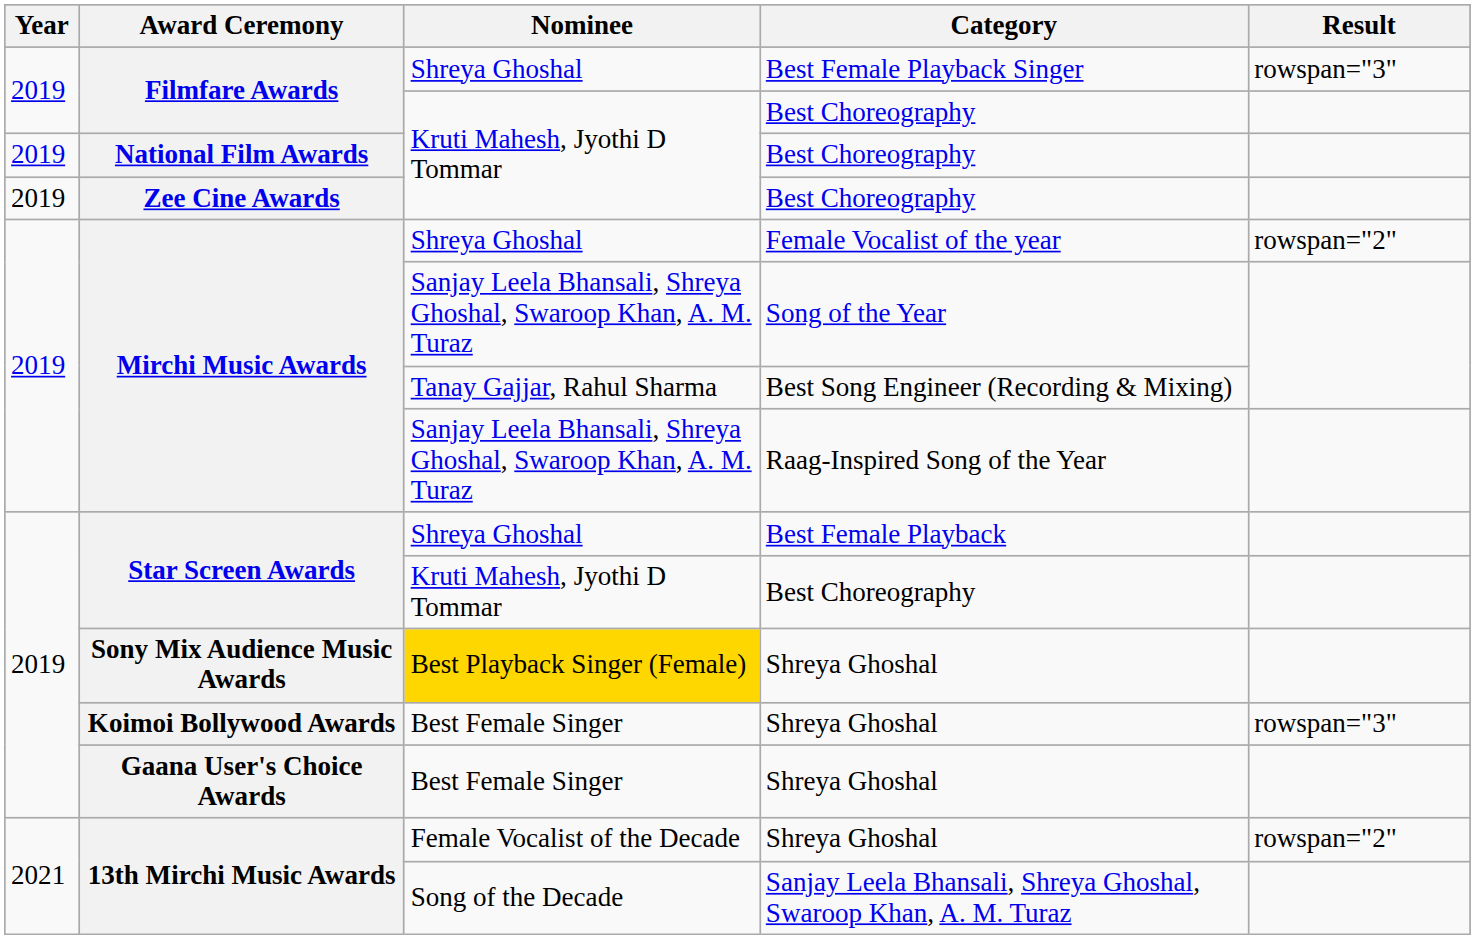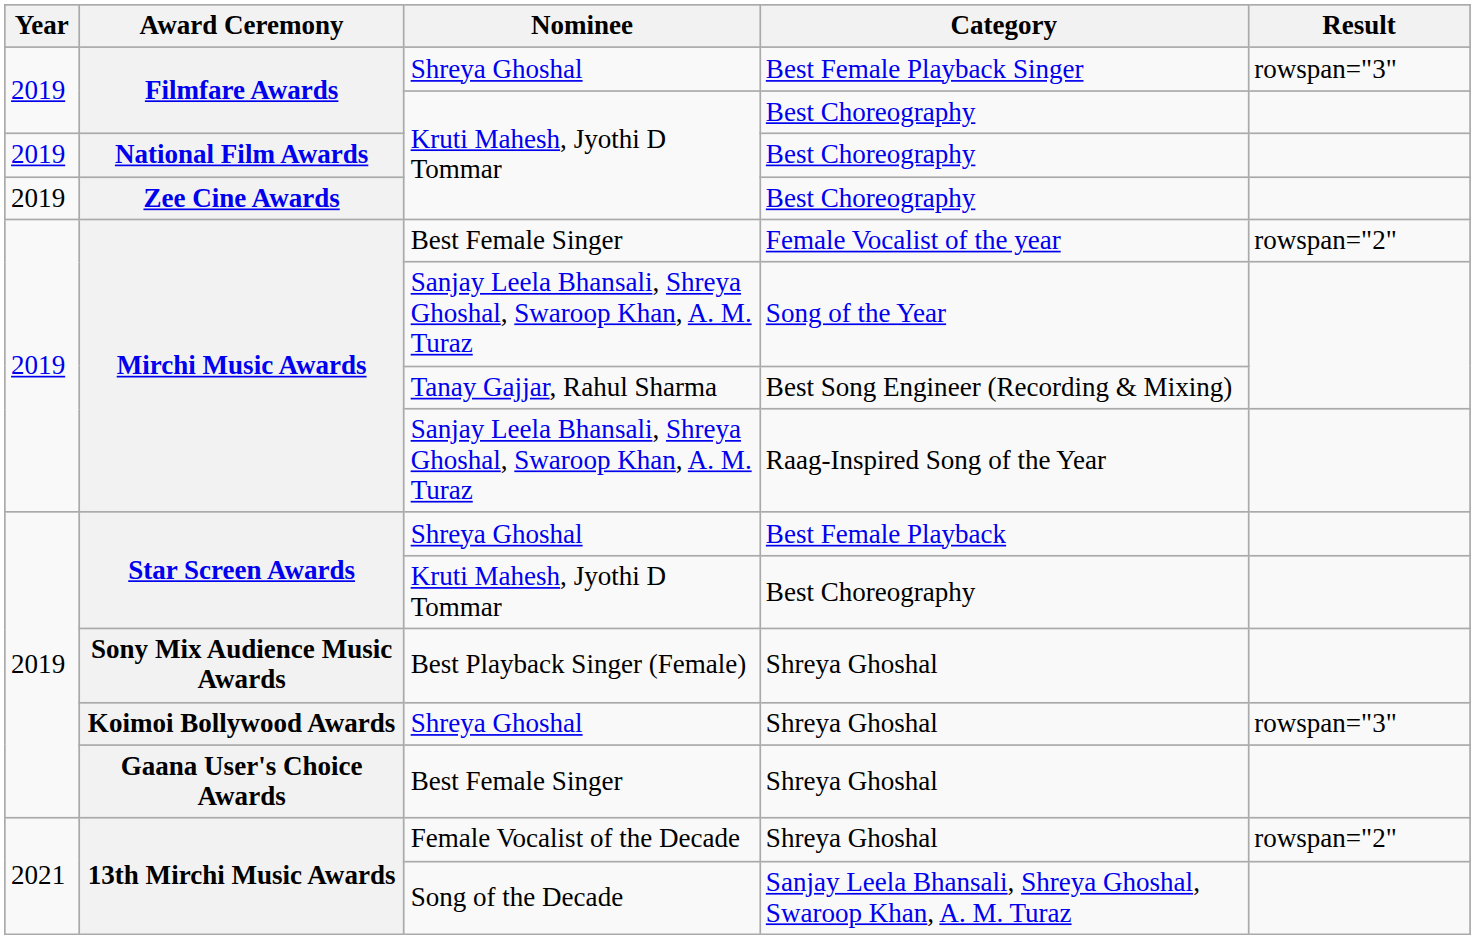 <table class="wikitable sortable plainrowheaders">
 <tr>
 <th width=5%>Year</th>
 <th width=22%>Award Ceremony</th>
 <th width=24%>Nominee</th>
 <th width=33%>Category</th>
 <th width=15%>Result</th>
 </tr>
 <tr>
 <td rowspan="2"><a href='#'>2019</a></td>
 <th scope="row" rowspan="2"><a href='#'>Filmfare Awards</a></th>
 <td><a href='#'>Shreya Ghoshal</a></td>
 <td><a href='#'>Best Female Playback Singer</a></td>
 <td>rowspan="3"  </td>
 </tr>
 <tr>
 <td rowspan="3"><a href='#'>Kruti Mahesh</a>, Jyothi D Tommar</td>
 <td><a href='#'>Best Choreography</a></td>
 </tr>
 <tr>
 <td><a href='#'>2019</a></td>
 <th><a href='#'>National Film Awards</a></th>
 <td><a href='#'>Best Choreography</a></td>
 <td></td>
 </tr>
 <tr>
 <td>2019</td>
 <th scope="row"><a href='#'>Zee Cine Awards</a></th>
 <td><a href='#'>Best Choreography</a></td>
 <td> </td>
 </tr>
 <tr>
 <td rowspan="4"><a href='#'>2019</a></td>
 <th scope="row" rowspan="4"><a href='#'>Mirchi Music Awards</a></th>
-<td><a href='#'>Shreya Ghoshal</a></td>
+<td>Best Female Singer</td>
 <td><a href='#'>Female Vocalist of the year</a></td>
 <td>rowspan="2" </td>
 </tr>
 <tr>
 <td><a href='#'>Sanjay Leela Bhansali</a>, <a href='#'>Shreya Ghoshal</a>, <a href='#'>Swaroop Khan</a>, <a href='#'>A. M. Turaz</a></td>
 <td><a href='#'>Song of the Year</a></td>
 </tr>
 <tr>
 <td><a href='#'>Tanay Gajjar</a>, Rahul Sharma</td>
 <td>Best Song Engineer (Recording & Mixing)</td>
 </tr>
 <tr>
 <td><a href='#'>Sanjay Leela Bhansali</a>, <a href='#'>Shreya Ghoshal</a>, <a href='#'>Swaroop Khan</a>, <a href='#'>A. M. Turaz</a></td>
 <td>Raag-Inspired Song of the Year</td>
 <td></td>
 </tr>
 <tr>
 <td rowspan="5">2019</td>
 <th rowspan="2" scope="row"><a href='#'>Star Screen Awards</a></th>
 <td><a href='#'>Shreya Ghoshal</a></td>
 <td><a href='#'>Best Female Playback</a></td>
 <td></td>
 </tr>
 <tr>
 <td><a href='#'>Kruti Mahesh</a>, Jyothi D Tommar</td>
 <td>Best Choreography</td>
 <td></td>
 </tr>
 <tr>
 <th>Sony Mix Audience Music Awards</th>
-<td style="background: gold;">Best Playback Singer (Female)</td>
+<td>Best Playback Singer (Female)</td>
 <td>Shreya Ghoshal</td>
 <td></td>
 </tr>
 <tr>
 <th>Koimoi Bollywood Awards</th>
-<td>Best Female Singer</td>
+<td><a href='#'>Shreya Ghoshal</a></td>
 <td>Shreya Ghoshal</td>
 <td>rowspan="3"  </td>
 </tr>
 <tr>
 <th>Gaana User's Choice Awards</th>
 <td>Best Female Singer</td>
 <td>Shreya Ghoshal</td>
 </tr>
 <tr>
 <td rowspan="2">2021</td>
 <th scope="row" rowspan="2"><strong>13th Mirchi Music Awards</strong></th>
 <td>Female Vocalist of the Decade</td>
 <td>Shreya Ghoshal</td>
 <td>rowspan="2" </td>
 </tr>
 <tr>
 <td>Song of the Decade</td>
 <td><a href='#'>Sanjay Leela Bhansali</a>, <a href='#'>Shreya Ghoshal</a>, <a href='#'>Swaroop Khan</a>, <a href='#'>A. M. Turaz</a></td>
 </tr>
 </table>
